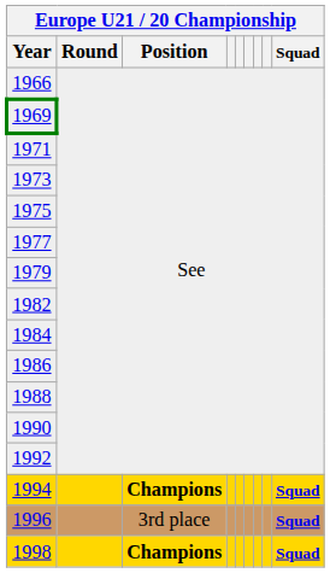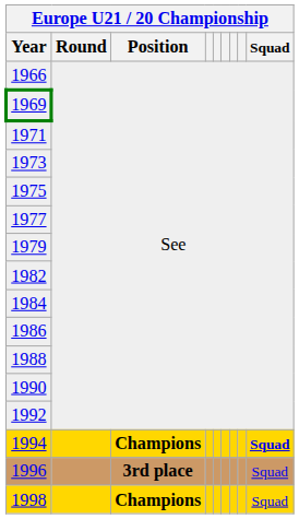 <table class="wikitable" style="text-align: center;">
 <tr>
 <th colspan=9><a href='#'>Europe U21 / 20 Championship</a></th>
 </tr>
 <tr>
 <th>Year</th>
 <th>Round</th>
 <th>Position</th>
 <th></th>
 <th></th>
 <th></th>
 <th></th>
 <th></th>
 <th><small>Squad</small></th>
 </tr>
 <tr bgcolor="efefef">
 <td> <a href='#'>1966</a></td>
 <td colspan=9 rowspan=13>See </td>
 </tr>
 <tr bgcolor="efefef">
 <td style="border:3px solid green"> <a href='#'>1969</a></td>
 </tr>
 <tr bgcolor="efefef">
 <td> <a href='#'>1971</a></td>
 </tr>
 <tr bgcolor="efefef">
 <td> <a href='#'>1973</a></td>
 </tr>
 <tr bgcolor="efefef">
 <td> <a href='#'>1975</a></td>
 </tr>
 <tr bgcolor="efefef">
 <td> <a href='#'>1977</a></td>
 </tr>
 <tr bgcolor="efefef">
 <td> <a href='#'>1979</a></td>
 </tr>
 <tr bgcolor="efefef">
 <td> <a href='#'>1982</a></td>
 </tr>
 <tr bgcolor="efefef">
 <td> <a href='#'>1984</a></td>
 </tr>
 <tr bgcolor="efefef">
 <td> <a href='#'>1986</a></td>
 </tr>
 <tr bgcolor="efefef">
 <td> <a href='#'>1988</a></td>
 </tr>
 <tr bgcolor="efefef">
 <td> <a href='#'>1990</a></td>
 </tr>
 <tr bgcolor="efefef">
 <td> <a href='#'>1992</a></td>
 </tr>
 <tr bgcolor=gold>
 <td> <a href='#'>1994</a></td>
 <td></td>
 <td><strong>Champions</strong></td>
 <td></td>
 <td></td>
 <td></td>
 <td></td>
 <td></td>
 <td><strong><small> <a href='#'>Squad</a></small></strong></td>
 </tr>
 <tr bgcolor=cc9966>
 <td> <a href='#'>1996</a></td>
 <td></td>
-<td>3rd place</td>
+<td><strong>3rd place</strong></td>
 <td></td>
 <td></td>
 <td></td>
 <td></td>
 <td></td>
-<td><strong><small> <a href='#'>Squad</a></small></strong></td>
+<td><small> <a href='#'>Squad</a></small></td>
 </tr>
 <tr bgcolor=gold>
 <td> <a href='#'>1998</a></td>
 <td></td>
 <td><strong>Champions</strong></td>
 <td></td>
 <td></td>
 <td></td>
 <td></td>
 <td></td>
-<td><strong><small> <a href='#'>Squad</a></small></strong></td>
+<td><small> <a href='#'>Squad</a></small></td>
 </tr>
 </table>
